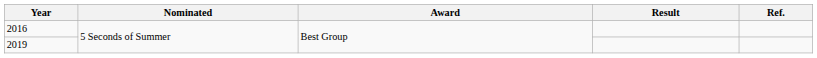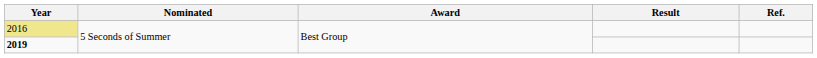 <table class="wikitable" style="width:100%;">
 <tr>
 <th width=5%>Year</th>
 <th style="width:15%;">Nominated</th>
 <th style="width:20%;">Award</th>
 <th style="width:10%;">Result</th>
 <th style="width:5%;">Ref.</th>
 </tr>
 <tr>
-<td>2016</td>
+<td style="background: khaki;">2016</td>
 <td rowspan="2">5 Seconds of Summer</td>
 <td rowspan="2">Best Group</td>
 <td></td>
 <td></td>
 </tr>
 <tr>
-<td>2019</td>
+<td><strong>2019</strong></td>
 <td></td>
 <td></td>
 </tr>
 </table>
